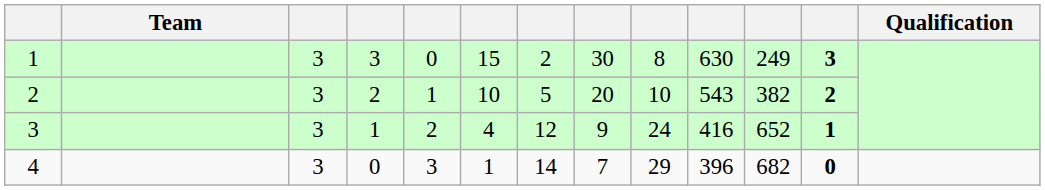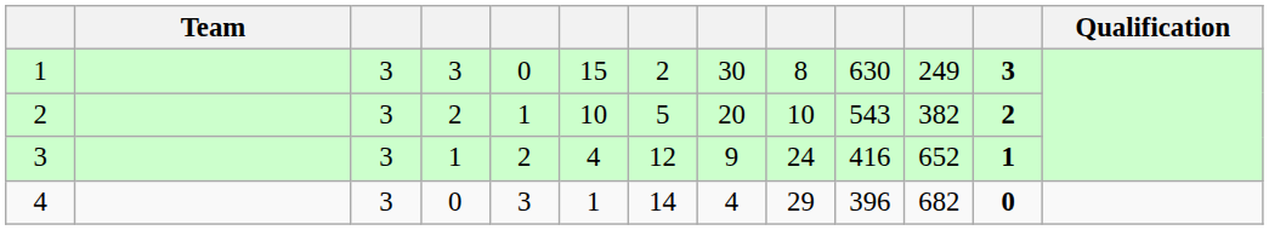 <table class=wikitable style="text-align:center" width=730>
 <tr>
 <th width=5.5%></th>
 <th width=22%>Team</th>
 <th width=5.5%></th>
 <th width=5.5%></th>
 <th width=5.5%></th>
 <th width=5.5%></th>
 <th width=5.5%></th>
 <th width=5.5%></th>
 <th width=5.5%></th>
 <th width=5.5%></th>
 <th width=5.5%></th>
 <th width=5.5%></th>
 <th width=18%>Qualification</th>
 </tr>
 <tr bgcolor=ccffcc>
 <td>1</td>
 <td style="text-align:left"></td>
 <td>3</td>
 <td>3</td>
 <td>0</td>
 <td>15</td>
 <td>2</td>
 <td>30</td>
 <td>8</td>
 <td>630</td>
 <td>249</td>
 <td><strong>3</strong></td>
 <td rowspan=3></td>
 </tr>
 <tr bgcolor=ccffcc>
 <td>2</td>
 <td style="text-align:left"></td>
 <td>3</td>
 <td>2</td>
 <td>1</td>
 <td>10</td>
 <td>5</td>
 <td>20</td>
 <td>10</td>
 <td>543</td>
 <td>382</td>
 <td><strong>2</strong></td>
 </tr>
 <tr bgcolor=ccffcc>
 <td>3</td>
 <td style="text-align:left"></td>
 <td>3</td>
 <td>1</td>
 <td>2</td>
 <td>4</td>
 <td>12</td>
 <td>9</td>
 <td>24</td>
 <td>416</td>
 <td>652</td>
 <td><strong>1</strong></td>
 </tr>
 <tr>
 <td>4</td>
 <td style="text-align:left"></td>
 <td>3</td>
 <td>0</td>
 <td>3</td>
 <td>1</td>
 <td>14</td>
-<td>7</td>
+<td>4</td>
 <td>29</td>
 <td>396</td>
 <td>682</td>
 <td><strong>0</strong></td>
 <td></td>
 </tr>
 </table>
